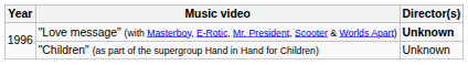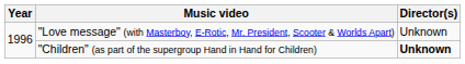 <table class="wikitable">
 <tr>
 <th>Year</th>
 <th>Music video</th>
 <th>Director(s)</th>
 </tr>
 <tr>
 <td rowspan="2">1996</td>
 <td>"Love message" <small>(with <a href='#'>Masterboy</a>, <a href='#'>E-Rotic</a>, <a href='#'>Mr. President</a>, <a href='#'>Scooter</a> & <a href='#'>Worlds Apart</a>)</small></td>
-<td><strong>Unknown</strong></td>
+<td>Unknown</td>
 </tr>
 <tr>
 <td>"Children" <small>(as part of the supergroup Hand in Hand for Children)</small></td>
-<td>Unknown</td>
+<td><strong>Unknown</strong></td>
 </tr>
 </table>
